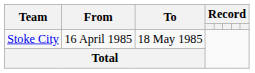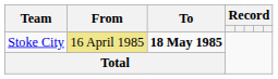 <table class=wikitable style="text-align: center">
 <tr>
 <th rowspan=2>Team</th>
 <th rowspan=2>From</th>
 <th rowspan=2>To</th>
 <th colspan=5>Record</th>
 </tr>
 <tr>
 <th></th>
 <th></th>
 <th></th>
 <th></th>
 <th></th>
 </tr>
 <tr>
 <td align=left><a href='#'>Stoke City</a></td>
-<td align=left>16 April 1985</td>
-<td align=left>18 May 1985<br></td>
+<td align=left style="background: khaki;">16 April 1985</td>
+<td align=left><strong>18 May 1985<br></strong></td>
 </tr>
 <tr>
 <th colspan=3>Total<br></th>
 </tr>
 </table>
